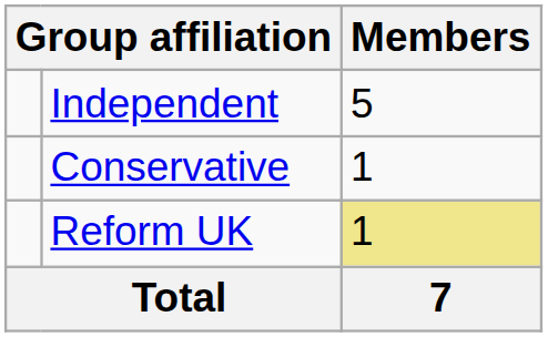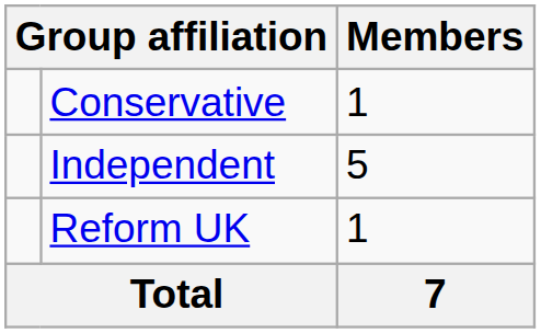 <table class="wikitable">
 <tr>
 <th colspan="2" rowspan="1" align="center" valign="top">Group affiliation</th>
 <th valign="top">Members</th>
+</tr>
+<tr>
+<td style="background-color:"> </td>
+<td><a href='#'>Conservative</a></td>
+<td>1</td>
 </tr>
 <tr>
 <td style="background-color:"> </td>
 <td><a href='#'>Independent</a></td>
 <td>5</td>
 </tr>
 <tr>
 <td style="background-color:"> </td>
-<td><a href='#'>Conservative</a></td>
+<td><a href='#'>Reform UK</a></td>
 <td>1</td>
-</tr>
-<tr>
-<td style="background-color:"> </td>
-<td><a href='#'>Reform UK</a></td>
-<td style="background: khaki;">1</td>
 </tr>
 <tr>
 <th colspan="2" rowspan="1"> Total</th>
 <th>7</th>
 </tr>
 </table>
